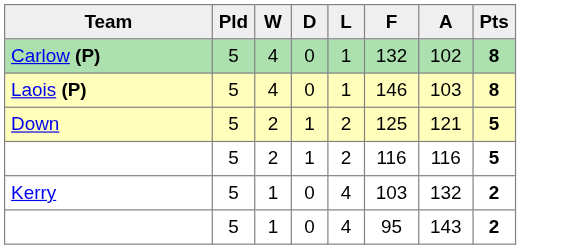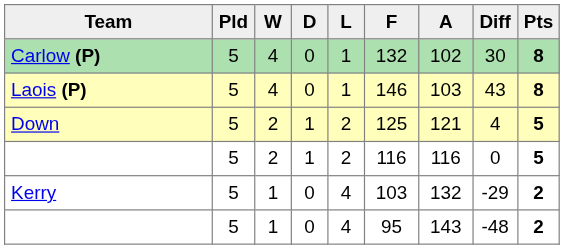 <table style=border-collapse:collapse border=1 cellspacing=0 cellpadding=5>
 <tr align=center bgcolor=#efefef>
 <th width=165>Team</th>
 <th width=20>Pld</th>
 <th width=20>W</th>
 <th width=20>D</th>
 <th width=20>L</th>
 <th width=35>F</th>
 <th width=35>A</th>
+<th width=20>Diff</th>
 <th width=20>Pts</th>
 </tr>
 <tr align=center style="background:#ACE1AF;”">
 <td style="text-align:left;"> <a href='#'>Carlow</a> <strong>(P)</strong></td>
 <td>5</td>
 <td>4</td>
 <td>0</td>
 <td>1</td>
 <td>132</td>
 <td>102</td>
+<td>30</td>
 <td><strong>8</strong></td>
 </tr>
 <tr align=center style="background:#FFFFBB;">
 <td style="text-align:left;"> <a href='#'>Laois</a> <strong>(P)</strong></td>
 <td>5</td>
 <td>4</td>
 <td>0</td>
 <td>1</td>
 <td>146</td>
 <td>103</td>
+<td>43</td>
 <td><strong>8</strong></td>
 </tr>
 <tr align=center style="background:#FFFFBB;">
 <td style="text-align:left;"> <a href='#'>Down</a></td>
 <td>5</td>
 <td>2</td>
 <td>1</td>
 <td>2</td>
 <td>125</td>
 <td>121</td>
+<td>4</td>
 <td><strong>5</strong></td>
 </tr>
 <tr align=center>
 <td style="text-align:left;"> </td>
 <td>5</td>
 <td>2</td>
 <td>1</td>
 <td>2</td>
 <td>116</td>
 <td>116</td>
+<td>0</td>
 <td><strong>5</strong></td>
 </tr>
 <tr align="center">
 <td style="text-align:left;"> <a href='#'>Kerry</a></td>
 <td>5</td>
 <td>1</td>
 <td>0</td>
 <td>4</td>
 <td>103</td>
 <td>132</td>
+<td>-29</td>
 <td><strong>2</strong></td>
 </tr>
 <tr align=center>
 <td style="text-align:left;"> </td>
 <td>5</td>
 <td>1</td>
 <td>0</td>
 <td>4</td>
 <td>95</td>
 <td>143</td>
+<td>-48</td>
 <td><strong>2</strong></td>
 </tr>
 </table>
